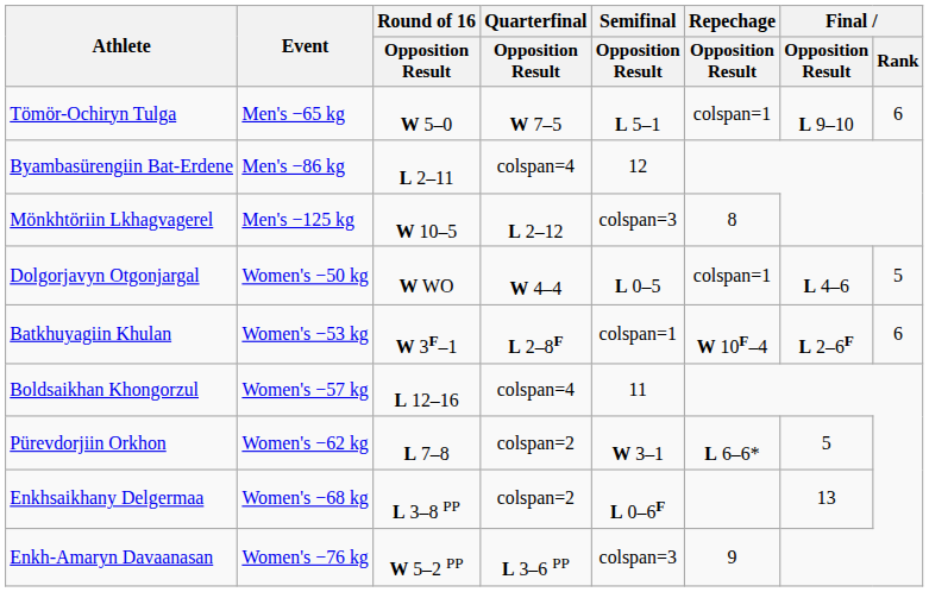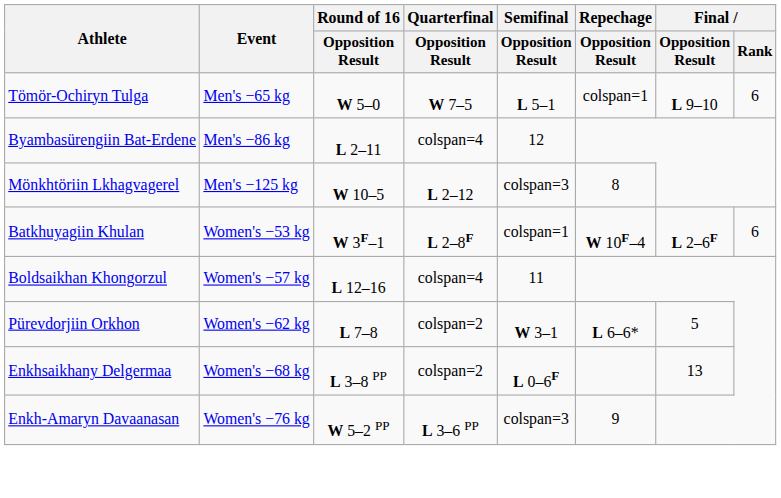 <table class="wikitable" style="font-size:90%">
 <tr>
 <th rowspan=2>Athlete</th>
 <th rowspan=2>Event</th>
 <th>Round of 16</th>
 <th>Quarterfinal</th>
 <th>Semifinal</th>
 <th>Repechage</th>
 <th colspan=2>Final / </th>
 </tr>
 <tr style="font-size: 95%">
 <th>Opposition<br>Result</th>
 <th>Opposition<br>Result</th>
 <th>Opposition<br>Result</th>
 <th>Opposition<br>Result</th>
 <th>Opposition<br>Result</th>
 <th>Rank</th>
 </tr>
 <tr align=center>
 <td align=left><a href='#'>Tömör-Ochiryn Tulga</a></td>
 <td align=left><a href='#'>Men's −65 kg</a></td>
 <td><br><strong>W</strong> 5–0</td>
 <td><br><strong>W</strong> 7–5</td>
 <td><br><strong>L</strong> 5–1</td>
 <td>colspan=1</td>
 <td><br><strong>L</strong> 9–10</td>
 <td>6</td>
 </tr>
 <tr align=center>
 <td align=left><a href='#'>Byambasürengiin Bat-Erdene</a></td>
 <td align=left><a href='#'>Men's −86 kg</a></td>
 <td><br><strong>L</strong> 2–11</td>
 <td>colspan=4</td>
 <td>12</td>
 </tr>
 <tr align=center>
 <td align=left><a href='#'>Mönkhtöriin Lkhagvagerel</a></td>
 <td align=left><a href='#'>Men's −125 kg</a></td>
 <td><br><strong>W</strong> 10–5</td>
 <td><br><strong>L</strong> 2–12</td>
 <td>colspan=3</td>
 <td>8</td>
-</tr>
-<tr align=center>
-<td align=left><a href='#'>Dolgorjavyn Otgonjargal</a></td>
-<td align=left><a href='#'>Women's −50 kg</a></td>
-<td><br><strong>W</strong> WO</td>
-<td><br><strong>W</strong> 4–4<sup></sup></td>
-<td><br><strong>L</strong> 0–5</td>
-<td>colspan=1</td>
-<td><br><strong>L</strong> 4–6</td>
-<td>5</td>
 </tr>
 <tr align=center>
 <td align=left><a href='#'>Batkhuyagiin Khulan</a></td>
 <td align=left><a href='#'>Women's −53 kg</a></td>
 <td><br><strong>W</strong> 3<sup><strong>F</strong></sup>–1</td>
 <td><br><strong>L</strong> 2–8<sup><strong>F</strong></sup></td>
 <td>colspan=1</td>
 <td><br><strong>W</strong> 10<sup><strong>F</strong></sup>–4</td>
 <td><br><strong>L</strong> 2–6<sup><strong>F</strong></sup></td>
 <td>6</td>
 </tr>
 <tr align=center>
 <td align=left><a href='#'>Boldsaikhan Khongorzul</a></td>
 <td align=left><a href='#'>Women's −57 kg</a></td>
 <td><br><strong>L</strong> 12–16</td>
 <td>colspan=4</td>
 <td>11</td>
 </tr>
 <tr align=center>
 <td align=left><a href='#'>Pürevdorjiin Orkhon</a></td>
 <td align=left><a href='#'>Women's −62 kg</a></td>
 <td><br><strong>L</strong> 7–8</td>
 <td>colspan=2</td>
 <td><br><strong>W</strong> 3–1</td>
 <td><br><strong>L</strong> 6–6*</td>
 <td>5</td>
 </tr>
 <tr align=center>
 <td align=left><a href='#'>Enkhsaikhany Delgermaa</a></td>
 <td align=left><a href='#'>Women's −68 kg</a></td>
 <td><br><strong>L</strong> 3–8 <sup>PP</sup></td>
 <td>colspan=2</td>
 <td><br><strong>L</strong> 0–6<sup><strong>F</strong></sup></td>
 <td></td>
 <td>13</td>
 </tr>
 <tr align=center>
 <td align=left><a href='#'>Enkh-Amaryn Davaanasan</a></td>
 <td align=left><a href='#'>Women's −76 kg</a></td>
 <td><br><strong>W</strong> 5–2 <sup>PP</sup></td>
 <td><br><strong>L</strong> 3–6 <sup>PP</sup></td>
 <td>colspan=3</td>
 <td>9</td>
 </tr>
 </table>
